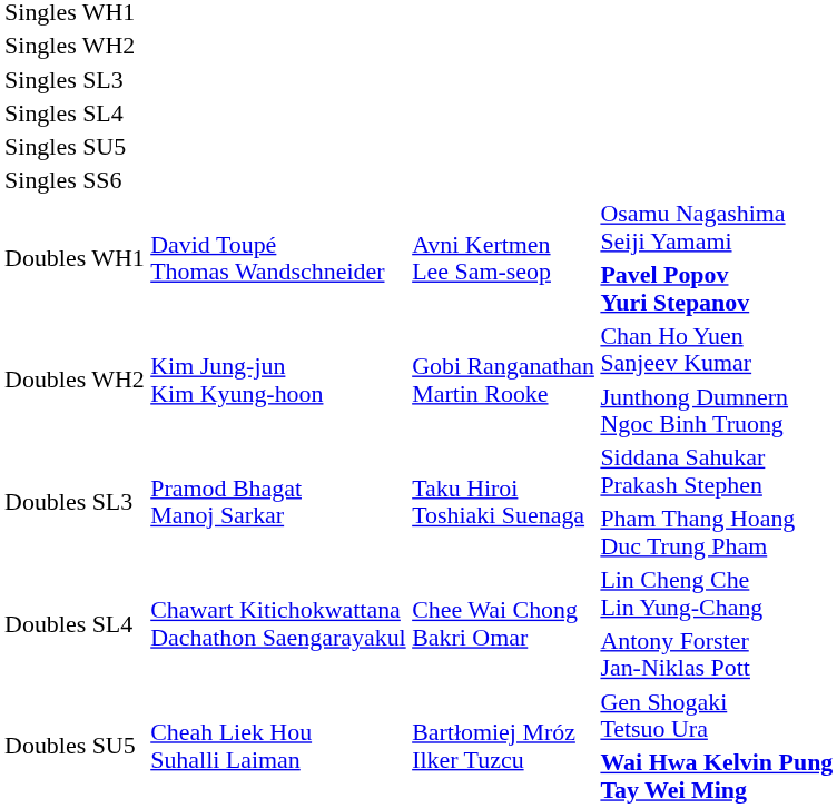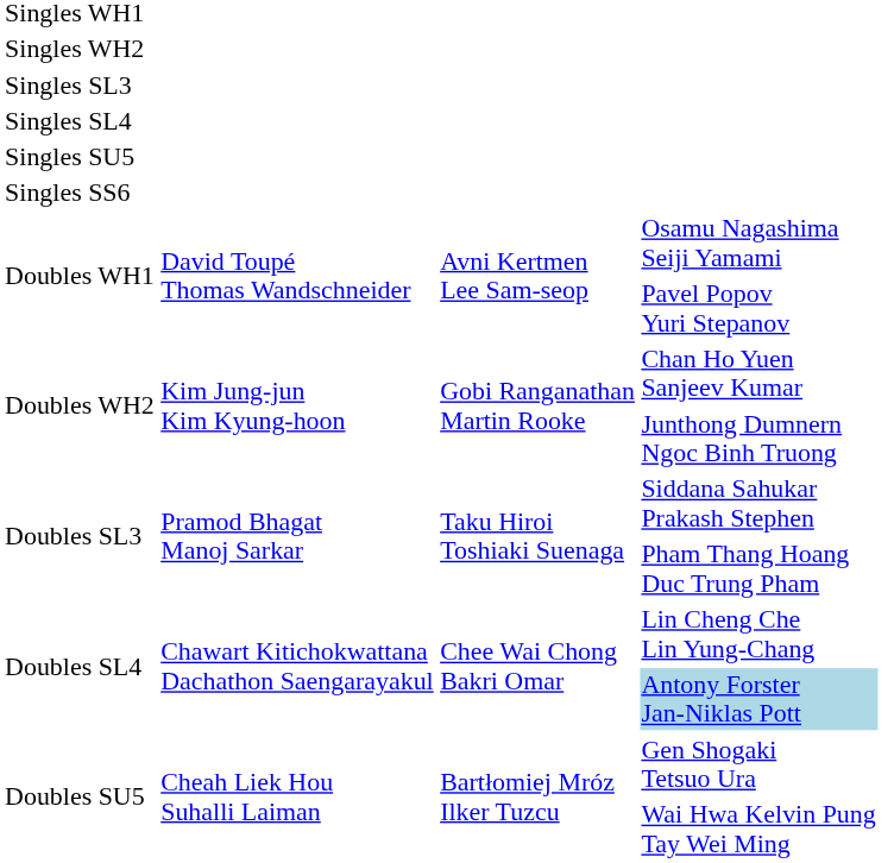 <table>
 <tr>
 <td rowspan=2>Singles WH1</td>
 <td rowspan=2></td>
 <td rowspan=2></td>
 <td></td>
 </tr>
 <tr>
 <td></td>
 </tr>
 <tr>
 <td rowspan=2>Singles WH2</td>
 <td rowspan=2></td>
 <td rowspan=2></td>
 <td></td>
 </tr>
 <tr>
 <td></td>
 </tr>
 <tr>
 <td rowspan=2>Singles SL3</td>
 <td rowspan=2></td>
 <td rowspan=2></td>
 <td></td>
 </tr>
 <tr>
 <td></td>
 </tr>
 <tr>
 <td rowspan=2>Singles SL4</td>
 <td rowspan=2></td>
 <td rowspan=2></td>
 <td></td>
 </tr>
 <tr>
 <td></td>
 </tr>
 <tr>
 <td rowspan=2>Singles SU5</td>
 <td rowspan=2></td>
 <td rowspan=2></td>
 <td></td>
 </tr>
 <tr>
 <td></td>
 </tr>
 <tr>
 <td rowspan=2>Singles SS6</td>
 <td rowspan=2></td>
 <td rowspan=2></td>
 <td></td>
 </tr>
 <tr>
 <td></td>
 </tr>
 <tr>
 <td rowspan=2>Doubles WH1</td>
 <td rowspan=2> <a href='#'>David Toupé</a><br> <a href='#'>Thomas Wandschneider</a></td>
 <td rowspan=2> <a href='#'>Avni Kertmen</a><br> <a href='#'>Lee Sam-seop</a></td>
 <td> <a href='#'>Osamu Nagashima</a><br> <a href='#'>Seiji Yamami</a></td>
 </tr>
 <tr>
-<td><strong> <a href='#'>Pavel Popov</a><br> <a href='#'>Yuri Stepanov</a></strong></td>
+<td> <a href='#'>Pavel Popov</a><br> <a href='#'>Yuri Stepanov</a></td>
 </tr>
 <tr>
 <td rowspan=2>Doubles WH2</td>
 <td rowspan=2> <a href='#'>Kim Jung-jun</a><br> <a href='#'>Kim Kyung-hoon</a></td>
 <td rowspan=2> <a href='#'>Gobi Ranganathan</a><br> <a href='#'>Martin Rooke</a></td>
 <td> <a href='#'>Chan Ho Yuen</a><br> <a href='#'>Sanjeev Kumar</a></td>
 </tr>
 <tr>
 <td> <a href='#'>Junthong Dumnern</a><br> <a href='#'>Ngoc Binh Truong</a></td>
 </tr>
 <tr>
 <td rowspan=2>Doubles SL3</td>
 <td rowspan=2> <a href='#'>Pramod Bhagat</a><br> <a href='#'>Manoj Sarkar</a></td>
 <td rowspan=2> <a href='#'>Taku Hiroi</a><br> <a href='#'>Toshiaki Suenaga</a></td>
 <td> <a href='#'>Siddana Sahukar</a><br> <a href='#'>Prakash Stephen</a></td>
 </tr>
 <tr>
 <td> <a href='#'>Pham Thang Hoang</a><br> <a href='#'>Duc Trung Pham</a></td>
 </tr>
 <tr>
 <td rowspan=2>Doubles SL4</td>
 <td rowspan=2> <a href='#'>Chawart Kitichokwattana</a><br> <a href='#'>Dachathon Saengarayakul</a></td>
 <td rowspan=2> <a href='#'>Chee Wai Chong</a><br> <a href='#'>Bakri Omar</a></td>
 <td> <a href='#'>Lin Cheng Che</a><br> <a href='#'>Lin Yung-Chang</a></td>
 </tr>
 <tr>
-<td> <a href='#'>Antony Forster</a><br> <a href='#'>Jan-Niklas Pott</a></td>
+<td style="background: lightblue;"> <a href='#'>Antony Forster</a><br> <a href='#'>Jan-Niklas Pott</a></td>
 </tr>
 <tr>
 <td rowspan=2>Doubles SU5</td>
 <td rowspan=2> <a href='#'>Cheah Liek Hou</a><br> <a href='#'>Suhalli Laiman</a></td>
 <td rowspan=2> <a href='#'>Bartłomiej Mróz</a><br> <a href='#'>Ilker Tuzcu</a></td>
 <td> <a href='#'>Gen Shogaki</a><br> <a href='#'>Tetsuo Ura</a></td>
 </tr>
 <tr>
-<td><strong> <a href='#'>Wai Hwa Kelvin Pung</a><br> <a href='#'>Tay Wei Ming</a></strong></td>
+<td> <a href='#'>Wai Hwa Kelvin Pung</a><br> <a href='#'>Tay Wei Ming</a></td>
 </tr>
 </table>
